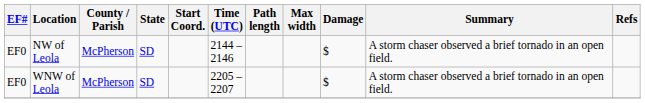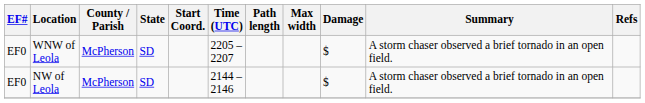 <table class="wikitable sortable" style="width:100%;">
 <tr>
 <th scope="col" width="3%" align="center"><a href='#'>EF#</a></th>
 <th scope="col" width="7%" align="center" class="unsortable">Location</th>
 <th scope="col" width="6%" align="center" class="unsortable">County / Parish</th>
 <th scope="col" width="5%" align="center">State</th>
 <th scope="col" width="6%" align="center">Start Coord.</th>
 <th scope="col" width="6%" align="center">Time (<a href='#'>UTC</a>)</th>
 <th scope="col" width="6%" align="center">Path length</th>
 <th scope="col" width="6%" align="center">Max width</th>
 <th scope="col" width="6%" align="center">Damage</th>
 <th scope="col" width="48%" class="unsortable" align="center">Summary</th>
 <th scope="col" width="48%" class="unsortable" align="center">Refs</th>
 </tr>
 <tr>
 <td>EF0</td>
+<td>WNW of <a href='#'>Leola</a></td>
+<td><a href='#'>McPherson</a></td>
+<td><a href='#'>SD</a></td>
+<td></td>
+<td>2205 – 2207</td>
+<td></td>
+<td></td>
+<td>$</td>
+<td>A storm chaser observed a brief tornado in an open field.</td>
+<td></td>
+</tr>
+<tr>
+<td>EF0</td>
 <td>NW of <a href='#'>Leola</a></td>
 <td><a href='#'>McPherson</a></td>
 <td><a href='#'>SD</a></td>
 <td></td>
 <td>2144 – 2146</td>
 <td></td>
 <td></td>
 <td>$</td>
 <td>A storm chaser observed a brief tornado in an open field.</td>
 <td></td>
 </tr>
 <tr>
-<td>EF0</td>
-<td>WNW of <a href='#'>Leola</a></td>
-<td><a href='#'>McPherson</a></td>
-<td><a href='#'>SD</a></td>
-<td></td>
-<td>2205 – 2207</td>
-<td></td>
-<td></td>
-<td>$</td>
-<td>A storm chaser observed a brief tornado in an open field.</td>
-<td></td>
-</tr>
-<tr>
 </tr>
 </table>
